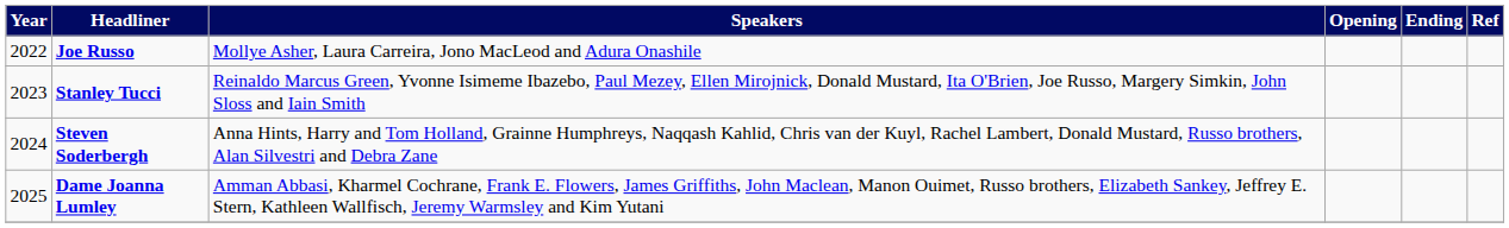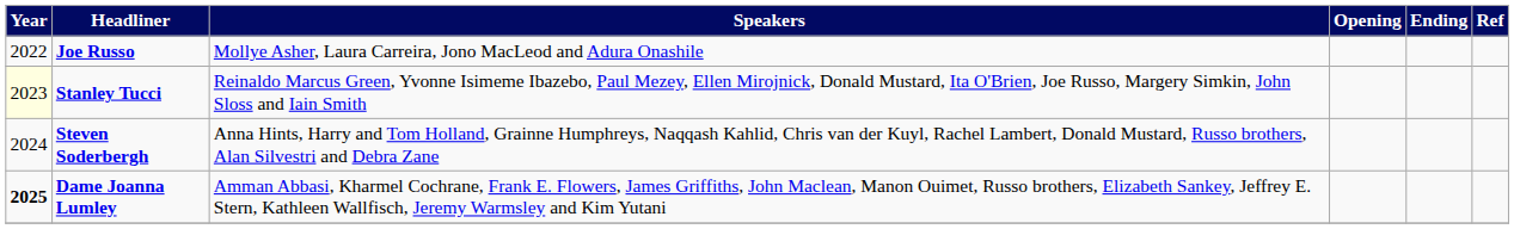 <table class="wikitable" style="font-size:95%; text-align:left; margin-left:1em;"|->
 <tr>
 <th style="background:#010963;color:#FFFFFF;">Year</th>
 <th style="background:#010963;color:#FFFFFF;">Headliner</th>
 <th style="background:#010963;color:#FFFFFF;">Speakers</th>
 <th style="background:#010963;color:#FFFFFF;">Opening</th>
 <th style="background:#010963;color:#FFFFFF;">Ending</th>
 <th style="background:#010963;color:#FFFFFF;">Ref</th>
 </tr>
 <tr>
 <td>2022</td>
 <td><strong><a href='#'>Joe Russo</a></strong></td>
 <td><a href='#'>Mollye Asher</a>, Laura Carreira, Jono MacLeod and <a href='#'>Adura Onashile</a></td>
 <td></td>
 <td></td>
 <td></td>
 </tr>
 <tr>
-<td>2023</td>
+<td style="background: lightyellow;">2023</td>
 <td><strong><a href='#'>Stanley Tucci</a></strong></td>
 <td><a href='#'>Reinaldo Marcus Green</a>, Yvonne Isimeme Ibazebo, <a href='#'>Paul Mezey</a>, <a href='#'>Ellen Mirojnick</a>, Donald Mustard, <a href='#'>Ita O'Brien</a>, Joe Russo, Margery Simkin, <a href='#'>John Sloss</a> and <a href='#'>Iain Smith</a></td>
 <td></td>
 <td></td>
 <td></td>
 </tr>
 <tr>
 <td>2024</td>
 <td><strong><a href='#'>Steven Soderbergh</a></strong></td>
 <td>Anna Hints, Harry and <a href='#'>Tom Holland</a>, Grainne Humphreys, Naqqash Kahlid, Chris van der Kuyl, Rachel Lambert, Donald Mustard, <a href='#'>Russo brothers</a>, <a href='#'>Alan Silvestri</a> and <a href='#'>Debra Zane</a></td>
 <td></td>
 <td></td>
 <td></td>
 </tr>
 <tr>
-<td>2025</td>
+<td><strong>2025</strong></td>
 <td><strong><a href='#'>Dame Joanna Lumley</a></strong></td>
 <td><a href='#'>Amman Abbasi</a>, Kharmel Cochrane, <a href='#'>Frank E. Flowers</a>, <a href='#'>James Griffiths</a>, <a href='#'>John Maclean</a>, Manon Ouimet, Russo brothers, <a href='#'>Elizabeth Sankey</a>, Jeffrey E. Stern, Kathleen Wallfisch, <a href='#'>Jeremy Warmsley</a> and Kim Yutani</td>
 <td></td>
 <td></td>
 <td></td>
 </tr>
 <tr>
 </tr>
 </table>
